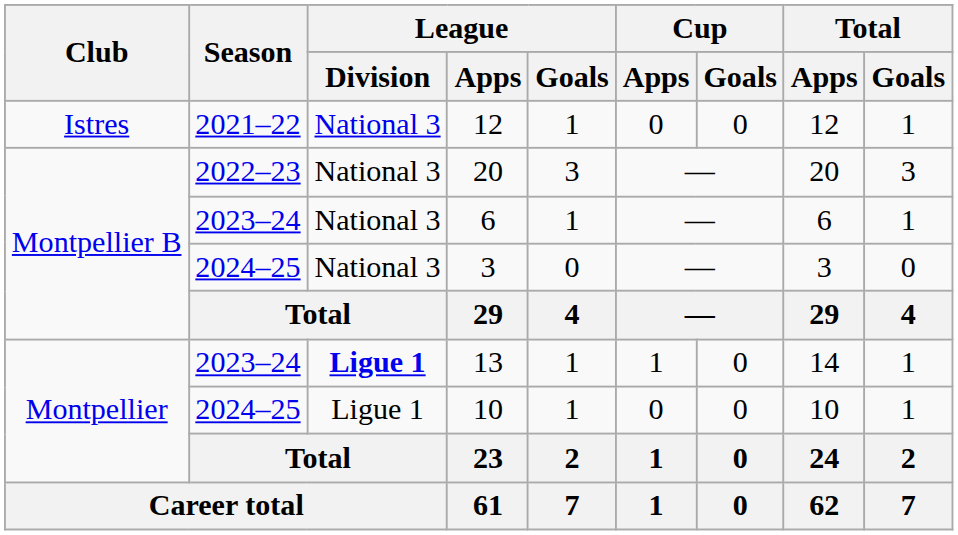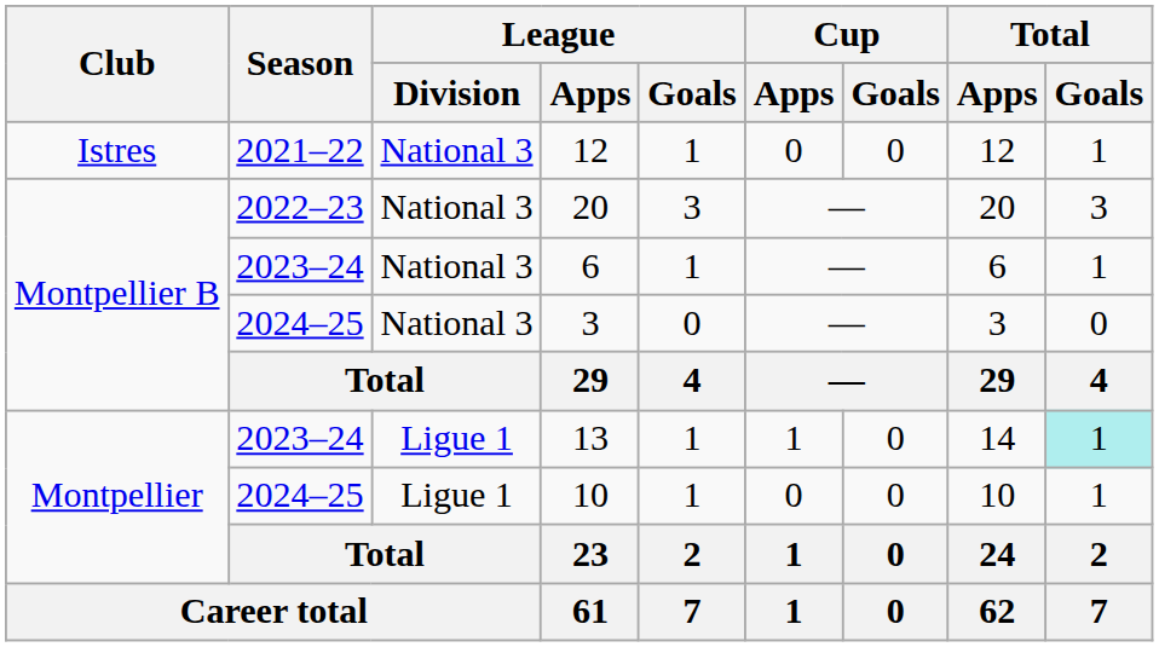 <table class="wikitable" style="text-align:center">
 <tr>
 <th rowspan="2">Club</th>
 <th rowspan="2">Season</th>
 <th colspan="3">League</th>
 <th colspan="2">Cup</th>
 <th colspan="2">Total</th>
 </tr>
 <tr>
 <th>Division</th>
 <th>Apps</th>
 <th>Goals</th>
 <th>Apps</th>
 <th>Goals</th>
 <th>Apps</th>
 <th>Goals</th>
 </tr>
 <tr>
 <td><a href='#'>Istres</a></td>
 <td><a href='#'>2021–22</a></td>
 <td><a href='#'>National 3</a></td>
 <td>12</td>
 <td>1</td>
 <td>0</td>
 <td>0</td>
 <td>12</td>
 <td>1</td>
 </tr>
 <tr>
 <td rowspan="4"><a href='#'>Montpellier B</a></td>
 <td><a href='#'>2022–23</a></td>
 <td>National 3</td>
 <td>20</td>
 <td>3</td>
 <td colspan="2">—</td>
 <td>20</td>
 <td>3</td>
 </tr>
 <tr>
 <td><a href='#'>2023–24</a></td>
 <td>National 3</td>
 <td>6</td>
 <td>1</td>
 <td colspan="2">—</td>
 <td>6</td>
 <td>1</td>
 </tr>
 <tr>
 <td><a href='#'>2024–25</a></td>
 <td>National 3</td>
 <td>3</td>
 <td>0</td>
 <td colspan="2">—</td>
 <td>3</td>
 <td>0</td>
 </tr>
 <tr>
 <th colspan="2">Total</th>
 <th>29</th>
 <th>4</th>
 <th colspan="2">—</th>
 <th>29</th>
 <th>4</th>
 </tr>
 <tr>
 <td rowspan="3"><a href='#'>Montpellier</a></td>
 <td><a href='#'>2023–24</a></td>
-<td><strong><a href='#'>Ligue 1</a></strong></td>
+<td><a href='#'>Ligue 1</a></td>
 <td>13</td>
 <td>1</td>
 <td>1</td>
 <td>0</td>
 <td>14</td>
-<td>1</td>
+<td style="background: paleturquoise;">1</td>
 </tr>
 <tr>
 <td><a href='#'>2024–25</a></td>
 <td>Ligue 1</td>
 <td>10</td>
 <td>1</td>
 <td>0</td>
 <td>0</td>
 <td>10</td>
 <td>1</td>
 </tr>
 <tr>
 <th colspan="2">Total</th>
 <th>23</th>
 <th>2</th>
 <th>1</th>
 <th>0</th>
 <th>24</th>
 <th>2</th>
 </tr>
 <tr>
 <th colspan="3">Career total</th>
 <th>61</th>
 <th>7</th>
 <th>1</th>
 <th>0</th>
 <th>62</th>
 <th>7</th>
 </tr>
 </table>
